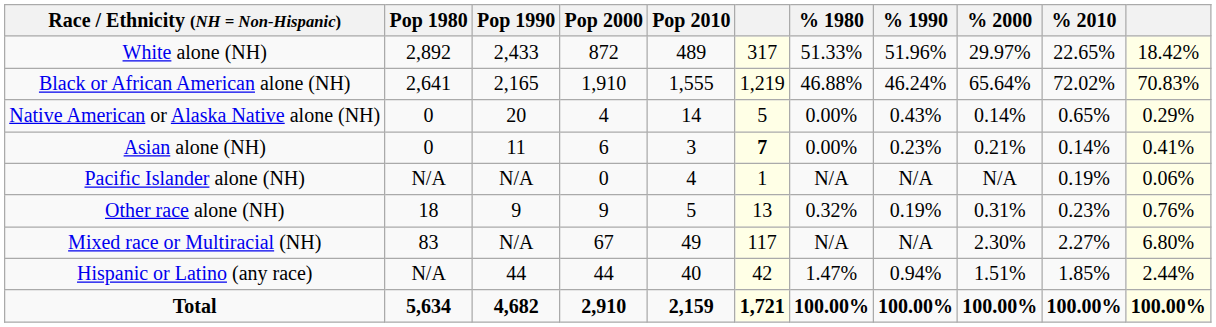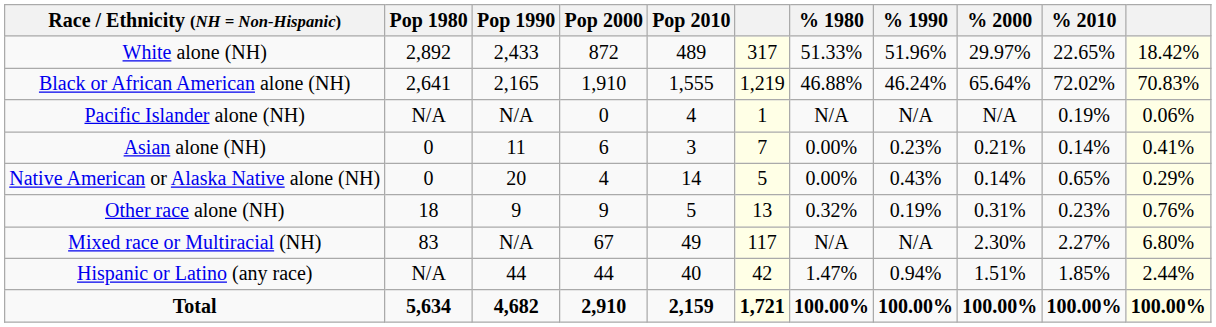 <table class="wikitable" style="text-align:center;">
 <tr>
 <th>Race / Ethnicity <small>(<em>NH = Non-Hispanic</em>)</small></th>
 <th>Pop 1980</th>
 <th>Pop 1990</th>
 <th>Pop 2000</th>
 <th>Pop 2010</th>
 <th></th>
 <th>% 1980</th>
 <th>% 1990</th>
 <th>% 2000</th>
 <th>% 2010</th>
 <th></th>
 </tr>
 <tr>
 <td><a href='#'>White</a> alone (NH)</td>
 <td>2,892</td>
 <td>2,433</td>
 <td>872</td>
 <td>489</td>
 <td style='background: #ffffe6;'>317</td>
 <td>51.33%</td>
 <td>51.96%</td>
 <td>29.97%</td>
 <td>22.65%</td>
 <td style='background: #ffffe6;'>18.42%</td>
 </tr>
 <tr>
 <td><a href='#'>Black or African American</a> alone (NH)</td>
 <td>2,641</td>
 <td>2,165</td>
 <td>1,910</td>
 <td>1,555</td>
 <td style='background: #ffffe6;'>1,219</td>
 <td>46.88%</td>
 <td>46.24%</td>
 <td>65.64%</td>
 <td>72.02%</td>
 <td style='background: #ffffe6;'>70.83%</td>
 </tr>
 <tr>
+<td><a href='#'>Pacific Islander</a> alone (NH)</td>
+<td>N/A</td>
+<td>N/A</td>
+<td>0</td>
+<td>4</td>
+<td style='background: #ffffe6;'>1</td>
+<td>N/A</td>
+<td>N/A</td>
+<td>N/A</td>
+<td>0.19%</td>
+<td style='background: #ffffe6;'>0.06%</td>
+</tr>
+<tr>
+<td><a href='#'>Asian</a> alone (NH)</td>
+<td>0</td>
+<td>11</td>
+<td>6</td>
+<td>3</td>
+<td style='background: #ffffe6;'>7</td>
+<td>0.00%</td>
+<td>0.23%</td>
+<td>0.21%</td>
+<td>0.14%</td>
+<td style='background: #ffffe6;'>0.41%</td>
+</tr>
+<tr>
 <td><a href='#'>Native American</a> or <a href='#'>Alaska Native</a> alone (NH)</td>
 <td>0</td>
 <td>20</td>
 <td>4</td>
 <td>14</td>
 <td style='background: #ffffe6;'>5</td>
 <td>0.00%</td>
 <td>0.43%</td>
 <td>0.14%</td>
 <td>0.65%</td>
 <td style='background: #ffffe6;'>0.29%</td>
-</tr>
-<tr>
-<td><a href='#'>Asian</a> alone (NH)</td>
-<td>0</td>
-<td>11</td>
-<td>6</td>
-<td>3</td>
-<td style='background: #ffffe6;'><strong>7</strong></td>
-<td>0.00%</td>
-<td>0.23%</td>
-<td>0.21%</td>
-<td>0.14%</td>
-<td style='background: #ffffe6;'>0.41%</td>
-</tr>
-<tr>
-<td><a href='#'>Pacific Islander</a> alone (NH)</td>
-<td>N/A</td>
-<td>N/A</td>
-<td>0</td>
-<td>4</td>
-<td style='background: #ffffe6;'>1</td>
-<td>N/A</td>
-<td>N/A</td>
-<td>N/A</td>
-<td>0.19%</td>
-<td style='background: #ffffe6;'>0.06%</td>
 </tr>
 <tr>
 <td><a href='#'>Other race</a> alone (NH)</td>
 <td>18</td>
 <td>9</td>
 <td>9</td>
 <td>5</td>
 <td style='background: #ffffe6;'>13</td>
 <td>0.32%</td>
 <td>0.19%</td>
 <td>0.31%</td>
 <td>0.23%</td>
 <td style='background: #ffffe6;'>0.76%</td>
 </tr>
 <tr>
 <td><a href='#'>Mixed race or Multiracial</a> (NH)</td>
 <td>83</td>
 <td>N/A</td>
 <td>67</td>
 <td>49</td>
 <td style='background: #ffffe6;'>117</td>
 <td>N/A</td>
 <td>N/A</td>
 <td>2.30%</td>
 <td>2.27%</td>
 <td style='background: #ffffe6;'>6.80%</td>
 </tr>
 <tr>
 <td><a href='#'>Hispanic or Latino</a> (any race)</td>
 <td>N/A</td>
 <td>44</td>
 <td>44</td>
 <td>40</td>
 <td style='background: #ffffe6;'>42</td>
 <td>1.47%</td>
 <td>0.94%</td>
 <td>1.51%</td>
 <td>1.85%</td>
 <td style='background: #ffffe6;'>2.44%</td>
 </tr>
 <tr>
 <td><strong>Total</strong></td>
 <td><strong>5,634</strong></td>
 <td><strong>4,682</strong></td>
 <td><strong>2,910</strong></td>
 <td><strong>2,159</strong></td>
 <td style='background: #ffffe6;'><strong>1,721</strong></td>
 <td><strong>100.00%</strong></td>
 <td><strong>100.00%</strong></td>
 <td><strong>100.00%</strong></td>
 <td><strong>100.00%</strong></td>
 <td style='background: #ffffe6;'><strong>100.00%</strong></td>
 </tr>
 </table>
